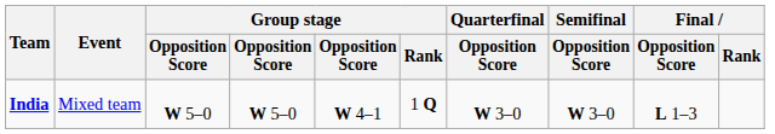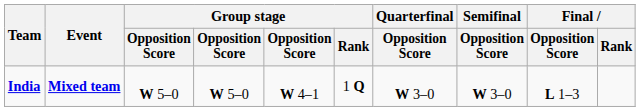 <table class=wikitable style=font-size:90%;text-align:center>
 <tr>
 <th rowspan=2>Team</th>
 <th rowspan=2>Event</th>
 <th colspan=4>Group stage</th>
 <th>Quarterfinal</th>
 <th>Semifinal</th>
 <th colspan=2>Final / </th>
 </tr>
 <tr style=font-size:95%>
 <th>Opposition<br>Score</th>
 <th>Opposition<br>Score</th>
 <th>Opposition<br>Score</th>
 <th>Rank</th>
 <th>Opposition<br>Score</th>
 <th>Opposition<br>Score</th>
 <th>Opposition<br>Score</th>
 <th>Rank</th>
 </tr>
 <tr>
 <td align=left><strong><a href='#'>India</a></strong></td>
-<td align=left><a href='#'>Mixed team</a></td>
+<td align=left><strong><a href='#'>Mixed team</a></strong></td>
 <td><br><strong>W</strong> 5–0</td>
 <td><br><strong>W</strong> 5–0</td>
 <td><br><strong>W</strong> 4–1</td>
 <td>1 <strong>Q</strong></td>
 <td><br><strong>W</strong> 3–0</td>
 <td><br><strong>W</strong> 3–0</td>
 <td><br><strong>L</strong> 1–3</td>
 <td></td>
 </tr>
 </table>
